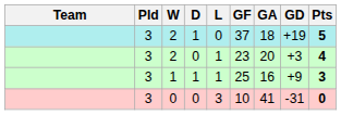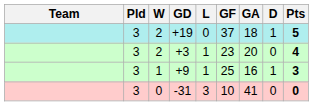 <table class="wikitable" style="text-align:center;">
 <tr>
 <th width=150>Team</th>
 <th width=20>Pld</th>
 <th width=20>W</th>
-<th width=20>D</th>
+<th width=20>GD</th>
 <th width=20>L</th>
 <th width=20>GF</th>
 <th width=20>GA</th>
-<th width=20>GD</th>
+<th width=20>D</th>
 <th width=20>Pts</th>
 </tr>
 <tr bgcolor="#afeeee">
 <td align="left"></td>
 <td>3</td>
 <td>2</td>
-<td>1</td>
+<td>+19</td>
 <td>0</td>
 <td>37</td>
 <td>18</td>
-<td>+19</td>
+<td>1</td>
 <td><strong>5</strong></td>
 </tr>
 <tr bgcolor="#ccffcc">
 <td align="left"></td>
 <td>3</td>
 <td>2</td>
-<td>0</td>
+<td>+3</td>
 <td>1</td>
 <td>23</td>
 <td>20</td>
-<td>+3</td>
+<td>0</td>
 <td><strong>4</strong></td>
 </tr>
 <tr bgcolor="#ccffcc">
 <td align="left"></td>
 <td>3</td>
 <td>1</td>
-<td>1</td>
+<td>+9</td>
 <td>1</td>
 <td>25</td>
 <td>16</td>
-<td>+9</td>
+<td>1</td>
 <td><strong>3</strong></td>
 </tr>
 <tr bgcolor="#ffcccc">
 <td align="left"></td>
 <td>3</td>
 <td>0</td>
-<td>0</td>
+<td>-31</td>
 <td>3</td>
 <td>10</td>
 <td>41</td>
-<td>-31</td>
+<td>0</td>
 <td><strong>0</strong></td>
 </tr>
 </table>
